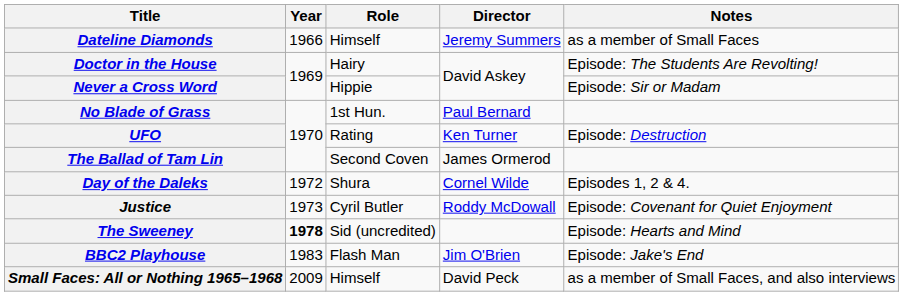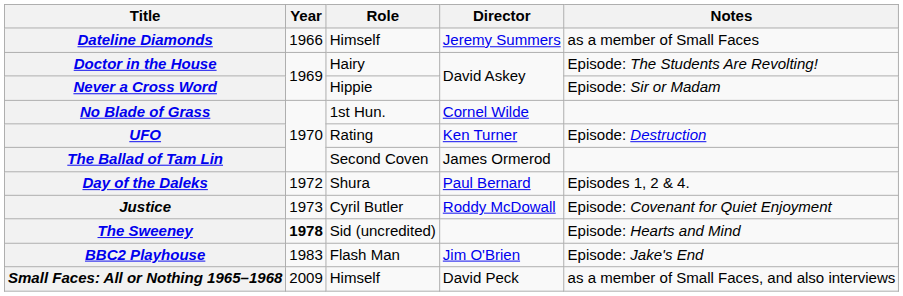 <table class="wikitable plainrowheaders">
 <tr>
 <th scope="col">Title</th>
 <th scope="col">Year</th>
 <th scope="col">Role</th>
 <th scope="col">Director</th>
 <th scope="col" class="unsortable">Notes</th>
 </tr>
 <tr>
 <th scope="row"><em><a href='#'>Dateline Diamonds</a></em></th>
 <td>1966</td>
 <td>Himself</td>
 <td><a href='#'>Jeremy Summers</a></td>
 <td>as a member of Small Faces</td>
 </tr>
 <tr>
 <th scope="row"><a href='#'><em>Doctor in the House</em></a></th>
 <td rowspan="2">1969</td>
 <td>Hairy</td>
 <td rowspan="2">David Askey</td>
 <td>Episode: <em>The Students Are Revolting!</em></td>
 </tr>
 <tr>
 <th scope="row"><em><a href='#'>Never a Cross Word</a></em></th>
 <td>Hippie</td>
 <td>Episode: <em>Sir or Madam</em></td>
 </tr>
 <tr>
 <th scope="row"><a href='#'><em>No Blade of Grass</em></a></th>
 <td rowspan="3">1970</td>
 <td>1st Hun.</td>
-<td><a href='#'>Paul Bernard</a></td>
+<td><a href='#'>Cornel Wilde</a></td>
 <td></td>
 </tr>
 <tr>
 <th scope="row"><a href='#'><em>UFO</em></a></th>
 <td>Rating</td>
 <td><a href='#'>Ken Turner</a></td>
 <td>Episode: <a href='#'><em>Destruction</em></a></td>
 </tr>
 <tr>
 <th scope="row"><em><a href='#'>The Ballad of Tam Lin</a></em></th>
 <td>Second Coven</td>
 <td>James Ormerod</td>
 <td></td>
 </tr>
 <tr>
 <th scope="row"><em><a href='#'>Day of the Daleks</a></em></th>
 <td>1972</td>
 <td>Shura</td>
-<td><a href='#'>Cornel Wilde</a></td>
+<td><a href='#'>Paul Bernard</a></td>
 <td>Episodes 1, 2 & 4.</td>
 </tr>
 <tr>
 <th scope="row"><em>Justice</em></th>
 <td>1973</td>
 <td>Cyril Butler</td>
 <td><a href='#'>Roddy McDowall</a></td>
 <td>Episode: <em>Covenant for Quiet Enjoyment</em></td>
 </tr>
 <tr>
 <th scope="row"><em><a href='#'>The Sweeney</a></em></th>
 <td><strong>1978</strong></td>
 <td>Sid (uncredited)</td>
 <td></td>
 <td>Episode: <em>Hearts and Mind</em></td>
 </tr>
 <tr>
 <th scope="row"><em><a href='#'>BBC2 Playhouse</a></em></th>
 <td>1983</td>
 <td>Flash Man</td>
 <td><a href='#'>Jim O'Brien</a></td>
 <td>Episode: <em>Jake's End</em></td>
 </tr>
 <tr>
 <th scope="row"><em>Small Faces: All or Nothing 1965–1968</em></th>
 <td>2009</td>
 <td>Himself</td>
 <td>David Peck</td>
 <td>as a member of Small Faces, and also interviews</td>
 </tr>
 </table>
